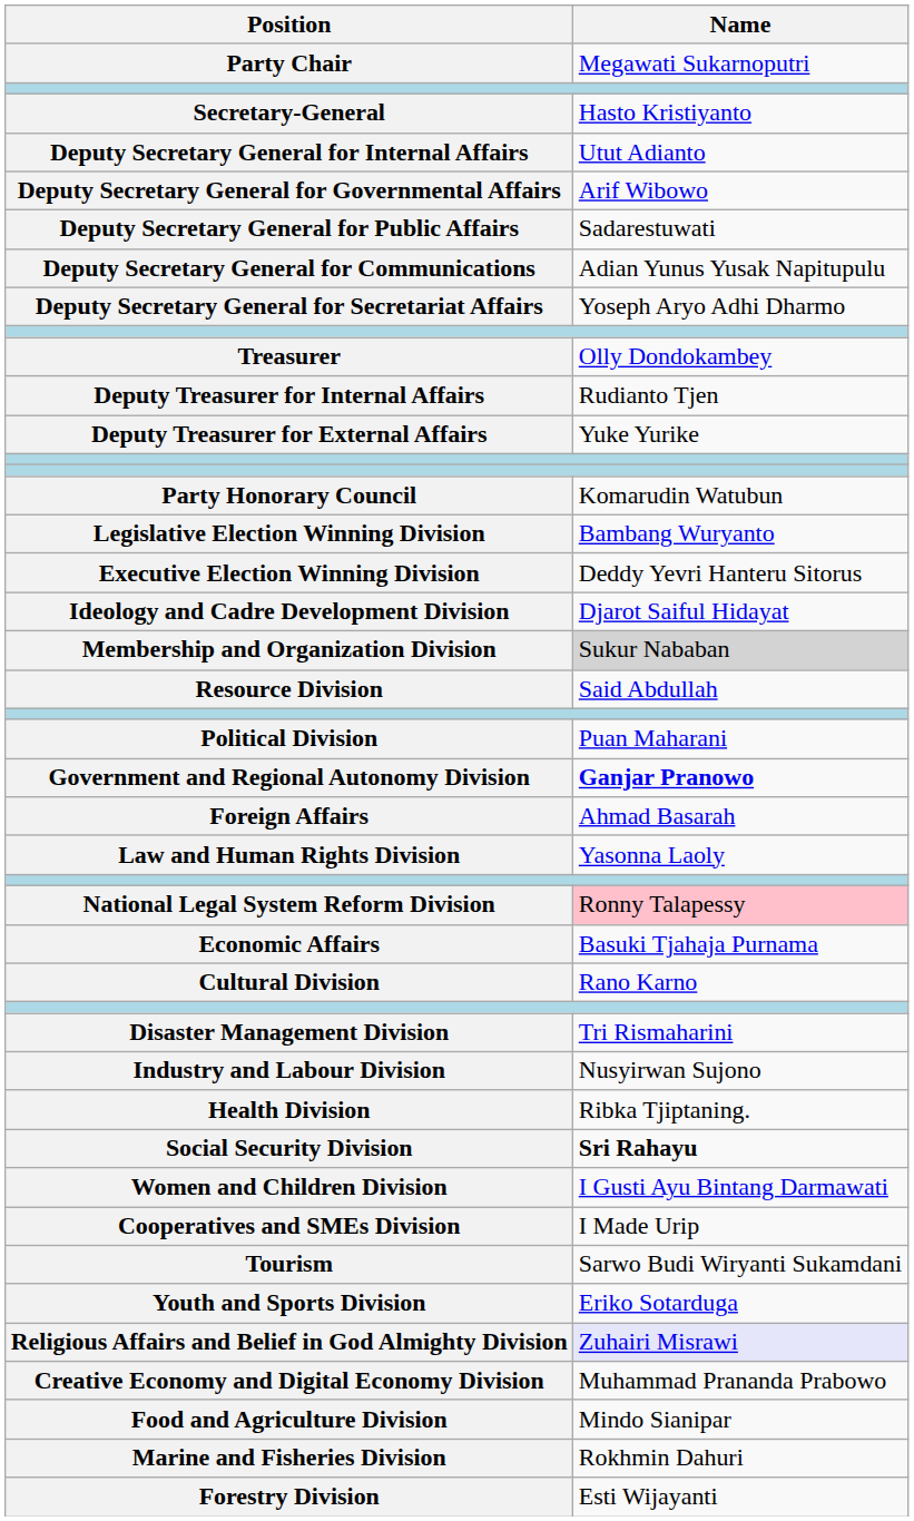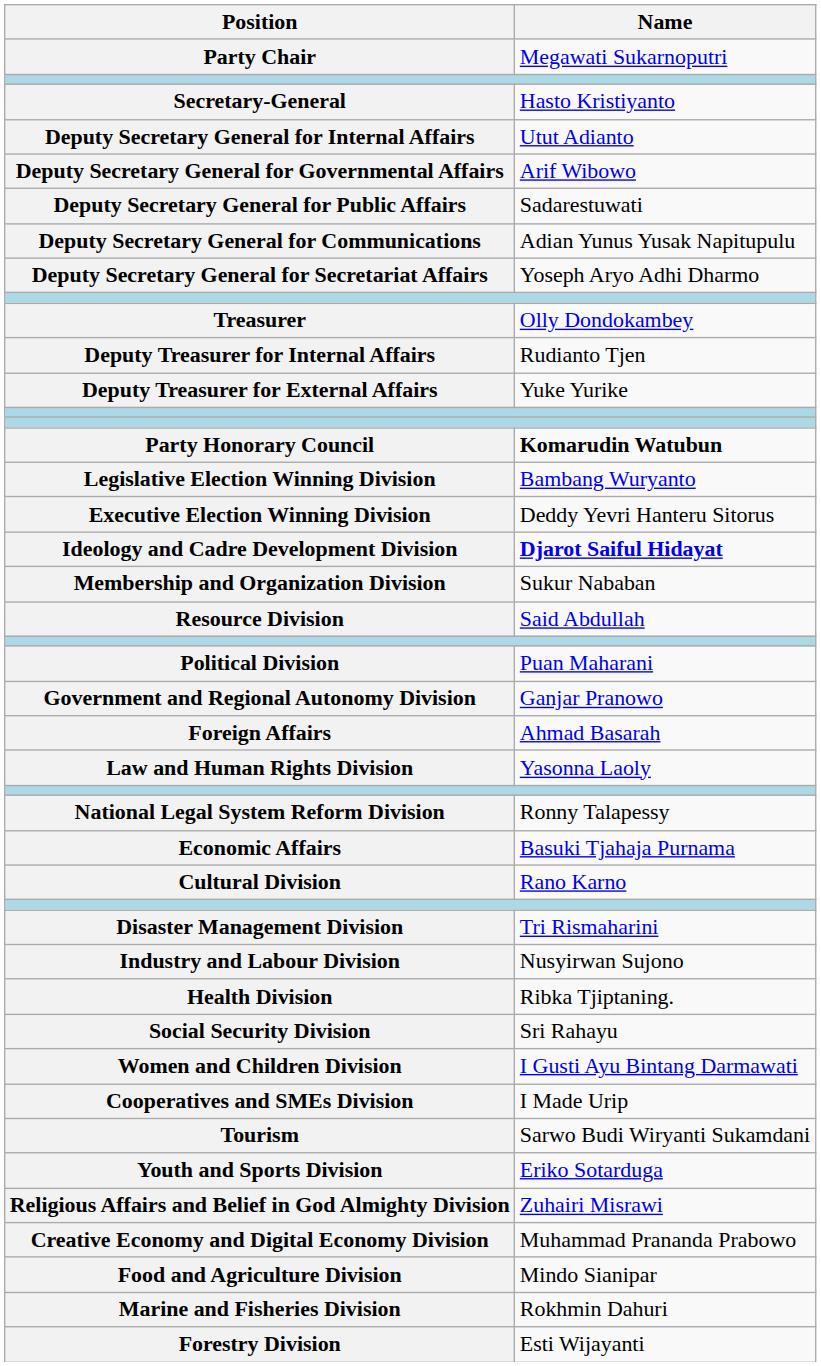 <table class="wikitable sortable">
 <tr>
 <th scope="col">Position</th>
 <th scope="col">Name</th>
 </tr>
 <tr>
 <th>Party Chair</th>
 <td><a href='#'>Megawati Sukarnoputri</a></td>
 </tr>
 <tr>
 <td bgcolor="lightblue" colspan="9"></td>
 </tr>
 <tr>
 <th>Secretary-General</th>
 <td><a href='#'>Hasto Kristiyanto</a></td>
 </tr>
 <tr>
 <th>Deputy Secretary General for Internal Affairs</th>
 <td><a href='#'>Utut Adianto</a></td>
 </tr>
 <tr>
 <th>Deputy Secretary General for Governmental Affairs</th>
 <td><a href='#'>Arif Wibowo</a></td>
 </tr>
 <tr>
 <th>Deputy Secretary General for Public Affairs</th>
 <td>Sadarestuwati</td>
 </tr>
 <tr>
 <th>Deputy Secretary General for Communications</th>
 <td>Adian Yunus Yusak Napitupulu</td>
 </tr>
 <tr>
 <th>Deputy Secretary General for Secretariat Affairs</th>
 <td>Yoseph Aryo Adhi Dharmo</td>
 </tr>
 <tr>
 <td bgcolor="lightblue" colspan="9"></td>
 </tr>
 <tr>
 <th>Treasurer</th>
 <td><a href='#'>Olly Dondokambey</a></td>
 </tr>
 <tr>
 <th>Deputy Treasurer for Internal Affairs</th>
 <td>Rudianto Tjen</td>
 </tr>
 <tr>
 <th>Deputy Treasurer for External Affairs</th>
 <td>Yuke Yurike</td>
 </tr>
 <tr>
 <td bgcolor="lightblue" colspan="9"></td>
 </tr>
 <tr>
 <td bgcolor="lightblue" colspan="9"></td>
 </tr>
 <tr>
 <th>Party Honorary Council</th>
-<td>Komarudin Watubun</td>
+<td><strong>Komarudin Watubun</strong></td>
 </tr>
 <tr>
 <th>Legislative Election Winning Division</th>
 <td><a href='#'>Bambang Wuryanto</a></td>
 </tr>
 <tr>
 <th>Executive Election Winning Division</th>
 <td>Deddy Yevri Hanteru Sitorus</td>
 </tr>
 <tr>
 <th>Ideology and Cadre Development Division</th>
-<td><a href='#'>Djarot Saiful Hidayat</a></td>
+<td><strong><a href='#'>Djarot Saiful Hidayat</a></strong></td>
 </tr>
 <tr>
 <th>Membership and Organization Division</th>
-<td style="background: lightgrey;">Sukur Nababan</td>
+<td>Sukur Nababan</td>
 </tr>
 <tr>
 <th>Resource Division</th>
 <td><a href='#'>Said Abdullah</a></td>
 </tr>
 <tr>
 <td bgcolor="lightblue" colspan="9"></td>
 </tr>
 <tr>
 <th>Political Division</th>
 <td><a href='#'>Puan Maharani</a></td>
 </tr>
 <tr>
 <th>Government and Regional Autonomy Division</th>
-<td><strong><a href='#'>Ganjar Pranowo</a></strong></td>
+<td><a href='#'>Ganjar Pranowo</a></td>
 </tr>
 <tr>
 <th>Foreign Affairs</th>
 <td><a href='#'>Ahmad Basarah</a></td>
 </tr>
 <tr>
 <th>Law and Human Rights Division</th>
 <td><a href='#'>Yasonna Laoly</a></td>
 </tr>
 <tr>
 <td bgcolor="lightblue" colspan="9"></td>
 </tr>
 <tr>
 <th>National Legal System Reform Division</th>
-<td style="background: pink;">Ronny Talapessy</td>
+<td>Ronny Talapessy</td>
 </tr>
 <tr>
 <th>Economic Affairs</th>
 <td><a href='#'>Basuki Tjahaja Purnama</a></td>
 </tr>
 <tr>
 <th>Cultural Division</th>
 <td><a href='#'>Rano Karno</a></td>
 </tr>
 <tr>
 <td bgcolor="lightblue" colspan="9"></td>
 </tr>
 <tr>
 <th>Disaster Management Division</th>
 <td><a href='#'>Tri Rismaharini</a></td>
 </tr>
 <tr>
 <th>Industry and Labour Division</th>
 <td>Nusyirwan Sujono</td>
 </tr>
 <tr>
 <th>Health Division</th>
 <td>Ribka Tjiptaning.</td>
 </tr>
 <tr>
 <th>Social Security Division</th>
-<td><strong>Sri Rahayu</strong></td>
+<td>Sri Rahayu</td>
 </tr>
 <tr>
 <th>Women and Children Division</th>
 <td><a href='#'>I Gusti Ayu Bintang Darmawati</a></td>
 </tr>
 <tr>
 <th>Cooperatives and SMEs Division</th>
 <td>I Made Urip</td>
 </tr>
 <tr>
 <th>Tourism</th>
 <td>Sarwo Budi Wiryanti Sukamdani</td>
 </tr>
 <tr>
 <th>Youth and Sports Division</th>
 <td><a href='#'>Eriko Sotarduga</a></td>
 </tr>
 <tr>
 <th>Religious Affairs and Belief in God Almighty Division</th>
-<td style="background: lavender;"><a href='#'>Zuhairi Misrawi</a></td>
+<td><a href='#'>Zuhairi Misrawi</a></td>
 </tr>
 <tr>
 <th>Creative Economy and Digital Economy Division</th>
 <td>Muhammad Prananda Prabowo</td>
 </tr>
 <tr>
 <th>Food and Agriculture Division</th>
 <td>Mindo Sianipar</td>
 </tr>
 <tr>
 <th>Marine and Fisheries Division</th>
 <td>Rokhmin Dahuri</td>
 </tr>
 <tr>
 <th>Forestry Division</th>
 <td>Esti Wijayanti</td>
 </tr>
 </table>
